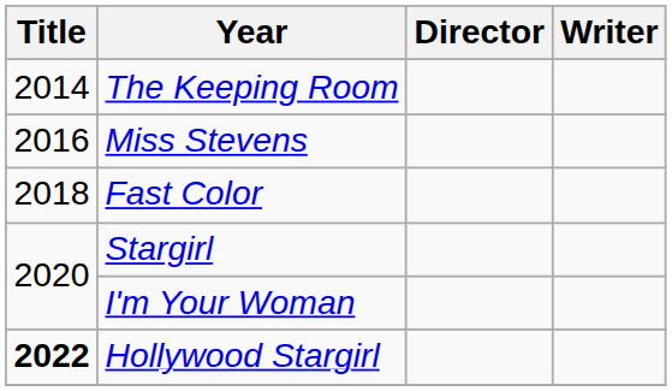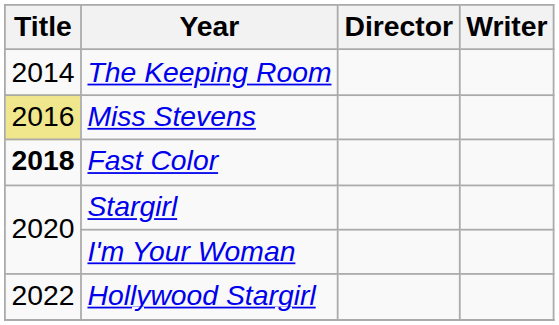 <table class="wikitable">
 <tr>
 <th scope="col">Title</th>
 <th scope="col">Year</th>
 <th scope="col">Director</th>
 <th scope="col">Writer</th>
 </tr>
 <tr>
 <td>2014</td>
 <td><em><a href='#'>The Keeping Room</a></em></td>
 <td></td>
 <td></td>
 </tr>
 <tr>
-<td>2016</td>
+<td style="background: khaki;">2016</td>
 <td><em><a href='#'>Miss Stevens</a></em></td>
 <td></td>
 <td></td>
 </tr>
 <tr>
-<td>2018</td>
+<td><strong>2018</strong></td>
 <td><em><a href='#'>Fast Color</a></em></td>
 <td></td>
 <td></td>
 </tr>
 <tr>
 <td rowspan="2">2020</td>
 <td><em><a href='#'>Stargirl</a></em></td>
 <td></td>
 <td></td>
 </tr>
 <tr>
 <td><em><a href='#'>I'm Your Woman</a></em></td>
 <td></td>
 <td></td>
 </tr>
 <tr>
-<td><strong>2022</strong></td>
+<td>2022</td>
 <td><em><a href='#'>Hollywood Stargirl</a></em></td>
 <td></td>
 <td></td>
 </tr>
 <tr>
 </tr>
 </table>
